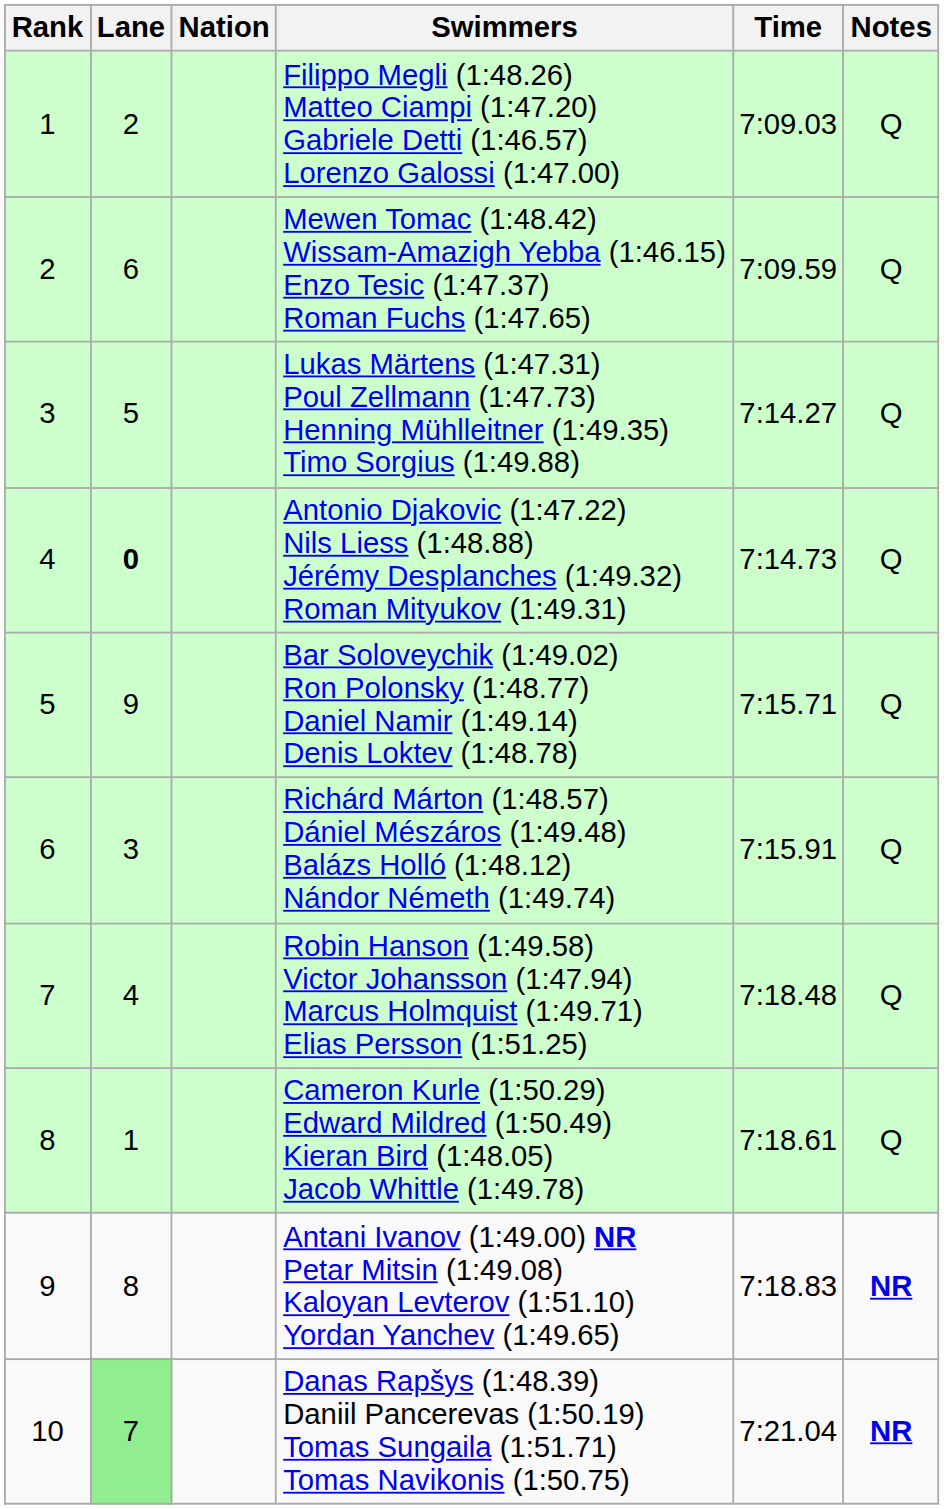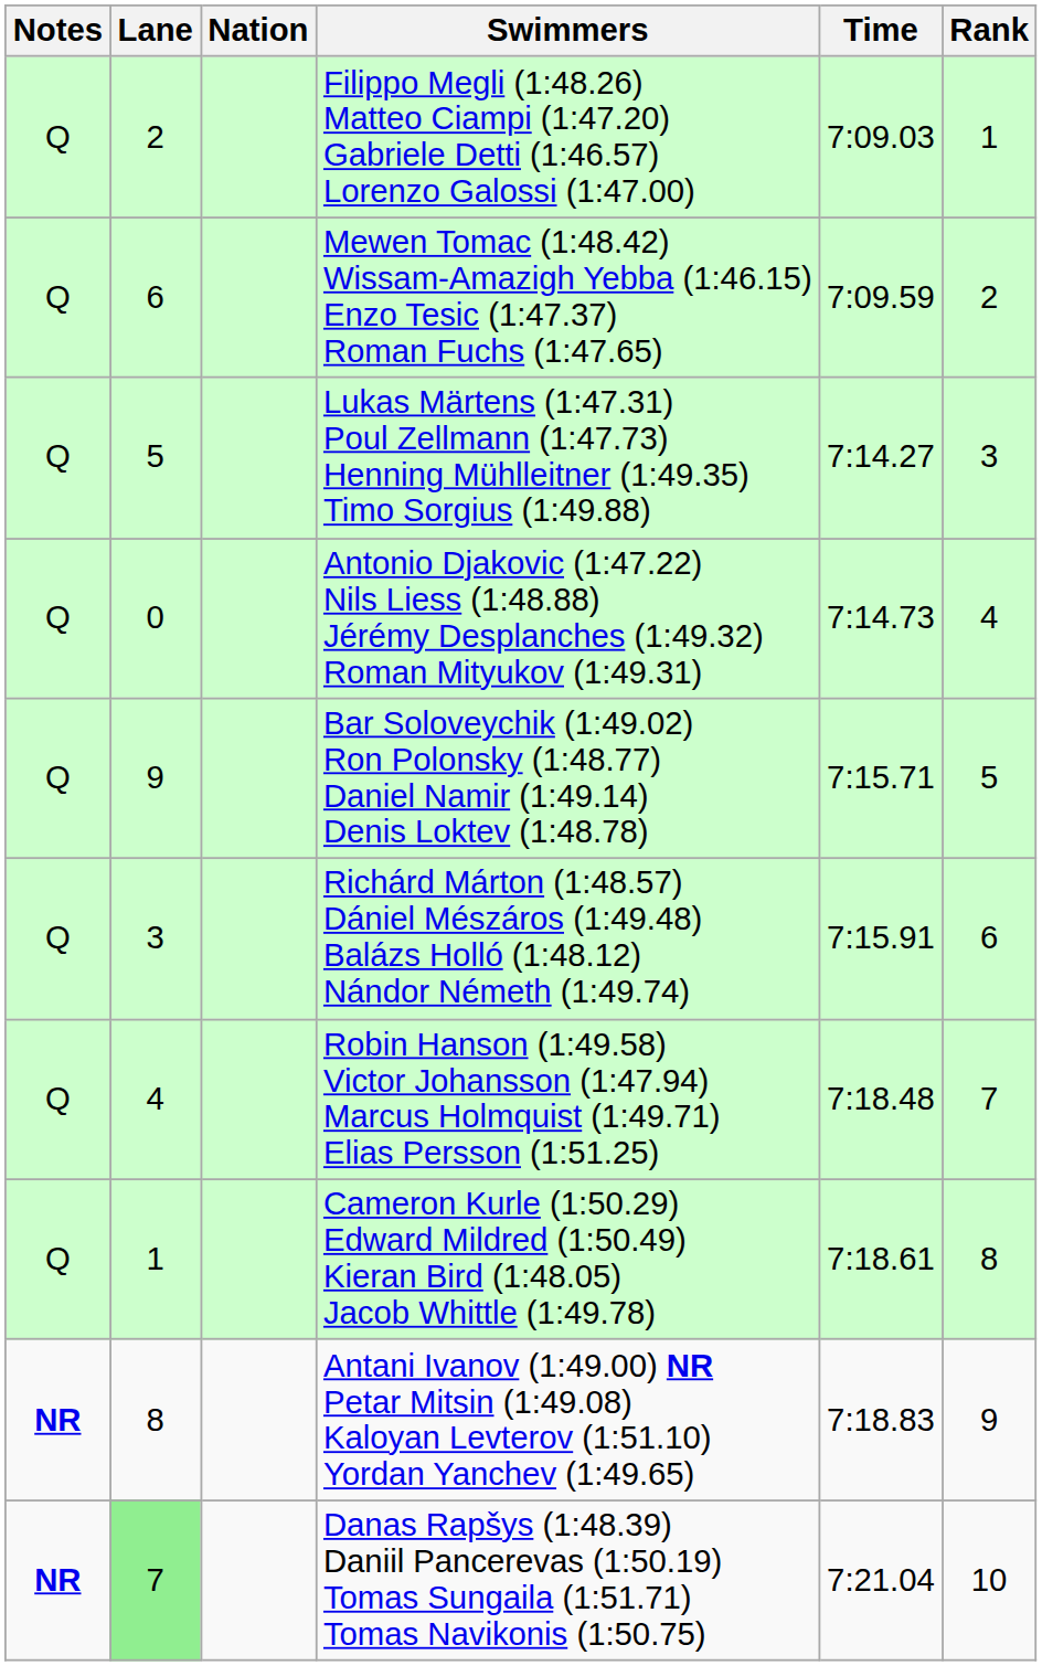 <table class="wikitable sortable" style="text-align:center">
 <tr>
-<th>Rank</th>
+<th>Notes</th>
 <th>Lane</th>
 <th>Nation</th>
 <th>Swimmers</th>
 <th>Time</th>
-<th>Notes</th>
+<th>Rank</th>
 </tr>
 <tr bgcolor=ccffcc>
-<td>1</td>
+<td>Q</td>
 <td>2</td>
 <td align=left></td>
 <td align=left><a href='#'>Filippo Megli</a> (1:48.26)<br><a href='#'>Matteo Ciampi</a> (1:47.20)<br><a href='#'>Gabriele Detti</a> (1:46.57)<br><a href='#'>Lorenzo Galossi</a> (1:47.00)</td>
 <td>7:09.03</td>
-<td>Q</td>
+<td>1</td>
 </tr>
 <tr bgcolor=ccffcc>
-<td>2</td>
+<td>Q</td>
 <td>6</td>
 <td align=left></td>
 <td align=left><a href='#'>Mewen Tomac</a> (1:48.42)<br><a href='#'>Wissam-Amazigh Yebba</a> (1:46.15)<br><a href='#'>Enzo Tesic</a> (1:47.37)<br><a href='#'>Roman Fuchs</a> (1:47.65)</td>
 <td>7:09.59</td>
-<td>Q</td>
+<td>2</td>
 </tr>
 <tr bgcolor=ccffcc>
-<td>3</td>
+<td>Q</td>
 <td>5</td>
 <td align=left></td>
 <td align=left><a href='#'>Lukas Märtens</a> (1:47.31)<br><a href='#'>Poul Zellmann</a> (1:47.73)<br><a href='#'>Henning Mühlleitner</a> (1:49.35)<br><a href='#'>Timo Sorgius</a> (1:49.88)</td>
 <td>7:14.27</td>
-<td>Q</td>
+<td>3</td>
 </tr>
 <tr bgcolor=ccffcc>
-<td>4</td>
-<td><strong>0</strong></td>
+<td>Q</td>
+<td>0</td>
 <td align=left></td>
 <td align=left><a href='#'>Antonio Djakovic</a> (1:47.22)<br><a href='#'>Nils Liess</a> (1:48.88)<br><a href='#'>Jérémy Desplanches</a> (1:49.32)<br><a href='#'>Roman Mityukov</a> (1:49.31)</td>
 <td>7:14.73</td>
-<td>Q</td>
+<td>4</td>
 </tr>
 <tr bgcolor=ccffcc>
-<td>5</td>
+<td>Q</td>
 <td>9</td>
 <td align=left></td>
 <td align=left><a href='#'>Bar Soloveychik</a> (1:49.02)<br><a href='#'>Ron Polonsky</a> (1:48.77)<br><a href='#'>Daniel Namir</a> (1:49.14)<br><a href='#'>Denis Loktev</a> (1:48.78)</td>
 <td>7:15.71</td>
-<td>Q</td>
+<td>5</td>
 </tr>
 <tr bgcolor=ccffcc>
-<td>6</td>
+<td>Q</td>
 <td>3</td>
 <td align=left></td>
 <td align=left><a href='#'>Richárd Márton</a> (1:48.57)<br><a href='#'>Dániel Mészáros</a> (1:49.48)<br><a href='#'>Balázs Holló</a> (1:48.12)<br><a href='#'>Nándor Németh</a> (1:49.74)</td>
 <td>7:15.91</td>
-<td>Q</td>
+<td>6</td>
 </tr>
 <tr bgcolor=ccffcc>
-<td>7</td>
+<td>Q</td>
 <td>4</td>
 <td align=left></td>
 <td align=left><a href='#'>Robin Hanson</a> (1:49.58)<br><a href='#'>Victor Johansson</a> (1:47.94)<br><a href='#'>Marcus Holmquist</a> (1:49.71)<br><a href='#'>Elias Persson</a> (1:51.25)</td>
 <td>7:18.48</td>
-<td>Q</td>
+<td>7</td>
 </tr>
 <tr bgcolor=ccffcc>
-<td>8</td>
+<td>Q</td>
 <td>1</td>
 <td align=left></td>
 <td align=left><a href='#'>Cameron Kurle</a> (1:50.29)<br><a href='#'>Edward Mildred</a> (1:50.49)<br><a href='#'>Kieran Bird</a> (1:48.05)<br><a href='#'>Jacob Whittle</a> (1:49.78)</td>
 <td>7:18.61</td>
-<td>Q</td>
+<td>8</td>
 </tr>
 <tr>
-<td>9</td>
+<td><strong><a href='#'>NR</a></strong></td>
 <td>8</td>
 <td align=left></td>
 <td align=left><a href='#'>Antani Ivanov</a> (1:49.00) <strong><a href='#'>NR</a></strong><br><a href='#'>Petar Mitsin</a> (1:49.08)<br><a href='#'>Kaloyan Levterov</a> (1:51.10)<br><a href='#'>Yordan Yanchev</a> (1:49.65)</td>
 <td>7:18.83</td>
-<td><strong><a href='#'>NR</a></strong></td>
+<td>9</td>
 </tr>
 <tr>
-<td>10</td>
+<td><strong><a href='#'>NR</a></strong></td>
 <td style="background: lightgreen;">7</td>
 <td align=left></td>
 <td align=left><a href='#'>Danas Rapšys</a> (1:48.39)<br>Daniil Pancerevas (1:50.19)<br><a href='#'>Tomas Sungaila</a> (1:51.71)<br><a href='#'>Tomas Navikonis</a> (1:50.75)</td>
 <td>7:21.04</td>
-<td><strong><a href='#'>NR</a></strong></td>
+<td>10</td>
 </tr>
 </table>
